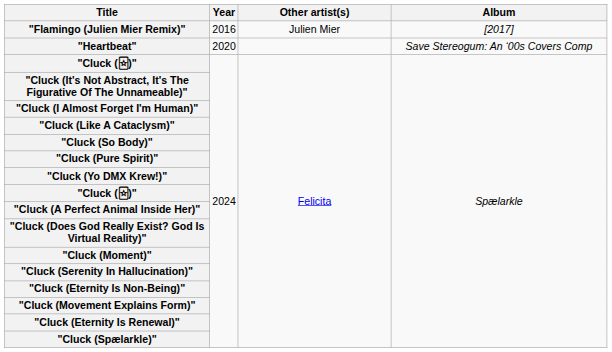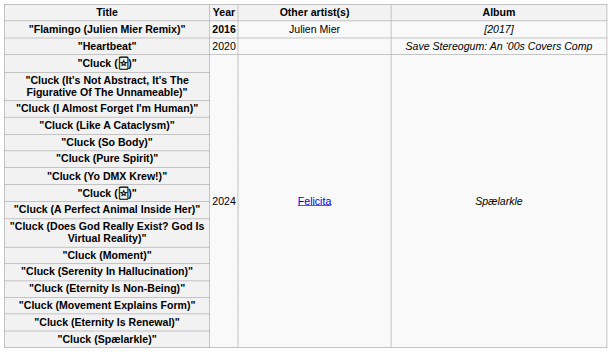 <table class="wikitable plainrowheaders" style="text-align:center">
 <tr>
 <th scope="col" style="width:19em;">Title</th>
 <th scope="col">Year</th>
 <th scope="col" style="width:14em;">Other artist(s)</th>
 <th scope="col" style="width:20em;">Album</th>
 </tr>
 <tr>
 <th scope="row">"Flamingo (Julien Mier Remix)"</th>
-<td>2016</td>
+<td><strong>2016</strong></td>
 <td>Julien Mier</td>
 <td><em>[2017]</em></td>
 </tr>
 <tr>
 <th scope="row">"Heartbeat"</th>
 <td>2020</td>
 <td></td>
 <td><em>Save Stereogum: An ‘00s Covers Comp</em></td>
 </tr>
 <tr>
 <th scope="row">"Cluck (🃟)"</th>
 <td rowspan="16">2024</td>
 <td rowspan="16"><a href='#'>Felicita</a></td>
 <td rowspan="16"><em>Spælarkle</em></td>
 </tr>
 <tr>
 <th scope="row">"Cluck (It's Not Abstract, It's The Figurative Of The Unnameable)"</th>
 </tr>
 <tr>
 <th scope="row">"Cluck (I Almost Forget I'm Human)"</th>
 </tr>
 <tr>
 <th scope="row">"Cluck (Like A Cataclysm)"</th>
 </tr>
 <tr>
 <th scope="row">"Cluck (So Body)"</th>
 </tr>
 <tr>
 <th scope="row">"Cluck (Pure Spirit)"</th>
 </tr>
 <tr>
 <th scope="row">"Cluck (Yo DMX Krew!)"</th>
 </tr>
 <tr>
 <th scope="row">"Cluck (🃟)"</th>
 </tr>
 <tr>
 <th scope="row">"Cluck (A Perfect Animal Inside Her)"</th>
 </tr>
 <tr>
 <th scope="row">"Cluck (Does God Really Exist? God Is Virtual Reality)"</th>
 </tr>
 <tr>
 <th scope="row">"Cluck (Moment)"</th>
 </tr>
 <tr>
 <th scope="row">"Cluck (Serenity In Hallucination)"</th>
 </tr>
 <tr>
 <th scope="row">"Cluck (Eternity Is Non-Being)"</th>
 </tr>
 <tr>
 <th scope="row">"Cluck (Movement Explains Form)"</th>
 </tr>
 <tr>
 <th scope="row">"Cluck (Eternity Is Renewal)"</th>
 </tr>
 <tr>
 <th scope="row">"Cluck (Spælarkle)"</th>
 </tr>
 </table>
